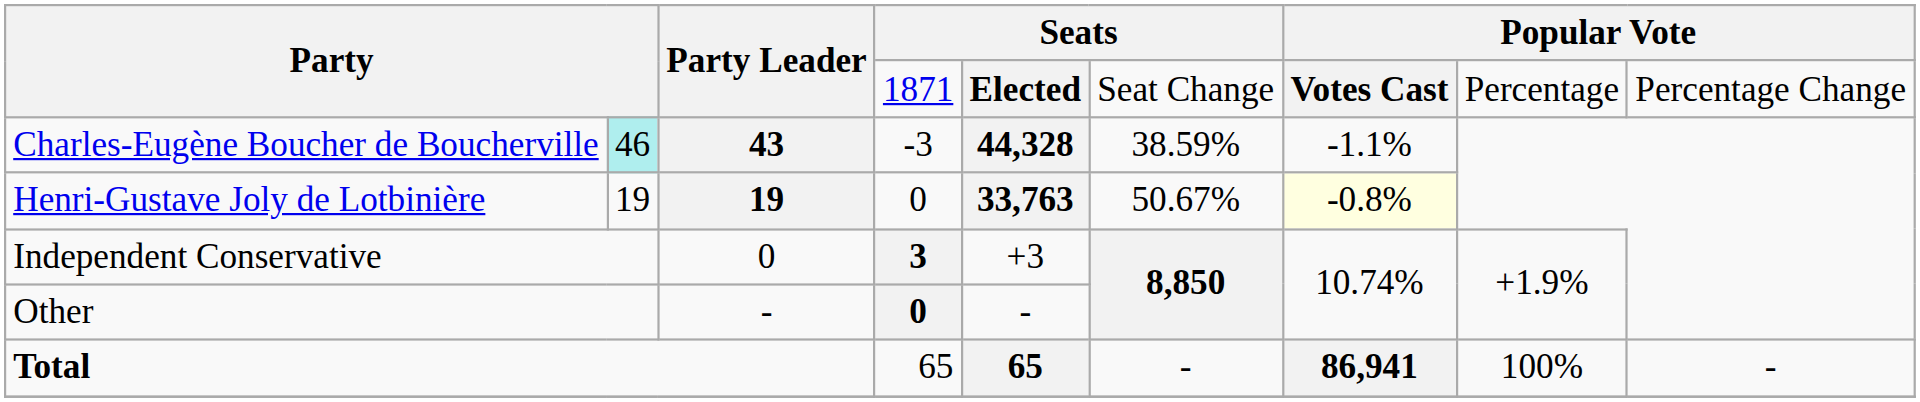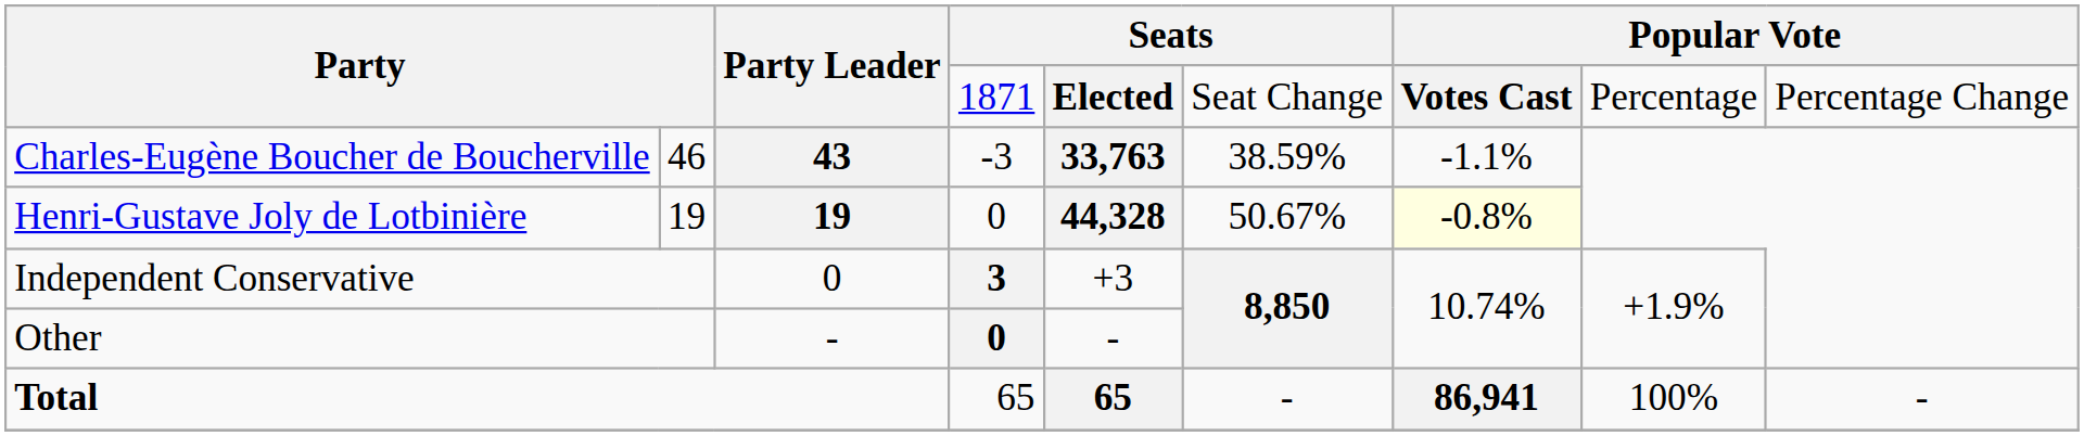 <table class = "wikitable">
 <tr>
 <th rowspan="2" colspan="2">Party</th>
 <th rowspan="2">Party Leader</th>
 <th colspan="3">Seats</th>
 <th colspan="3">Popular Vote</th>
 </tr>
 <tr>
 <td align="center"><a href='#'>1871</a></td>
 <th><strong>Elected</strong></th>
 <td align="center">Seat Change</td>
 <th>Votes Cast</th>
 <td align="center">Percentage</td>
 <td align="center">Percentage Change</td>
 </tr>
 <tr>
 <td><a href='#'>Charles-Eugène Boucher de Boucherville</a>  </td>
-<td align="center" style="background: paleturquoise;">46   </td>
+<td align="center">46   </td>
 <th>43   </th>
 <td align="center">-3   </td>
-<th>44,328   </th>
+<th>33,763   </th>
 <td align="center">38.59%   </td>
 <td align="center">-1.1%   </td>
 </tr>
 <tr>
 <td><a href='#'>Henri-Gustave Joly de Lotbinière</a>       </td>
 <td align="center">19   </td>
 <th>19    </th>
 <td align="center">0   </td>
-<th>33,763   </th>
+<th>44,328   </th>
 <td align="center">50.67%   </td>
 <td align="center" style="background: lightyellow;">-0.8%   </td>
 </tr>
 <tr>
 <td colspan=2>Independent Conservative</td>
 <td align="center">0   </td>
 <th align="center">3    </th>
 <td align="center">+3   </td>
 <th rowspan=2>8,850      </th>
 <td rowspan=2 align="center">10.74%    </td>
 <td rowspan=2 align="center">+1.9%   </td>
 </tr>
 <tr>
 <td colspan=2>Other</td>
 <td align="center">-   </td>
 <th>0    </th>
 <td align="center">-   </td>
 </tr>
 <tr>
 <td colspan="3"><strong>Total</strong></td>
 <td align="right">65   </td>
 <th>65  </th>
 <td align="center">-  </td>
 <th>86,941   </th>
 <td align="center">100%   </td>
 <td align="center">-  </td>
 </tr>
 <tr>
 </tr>
 </table>
